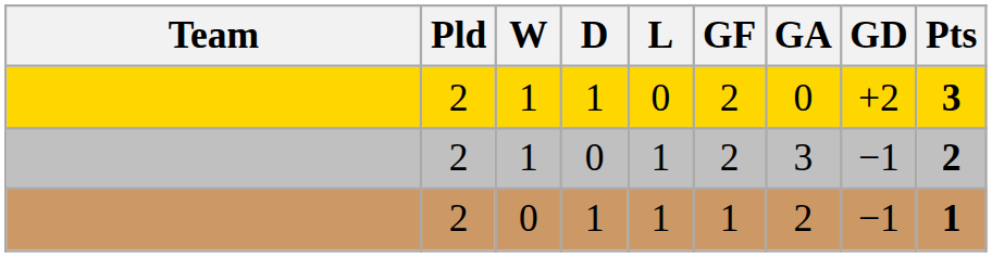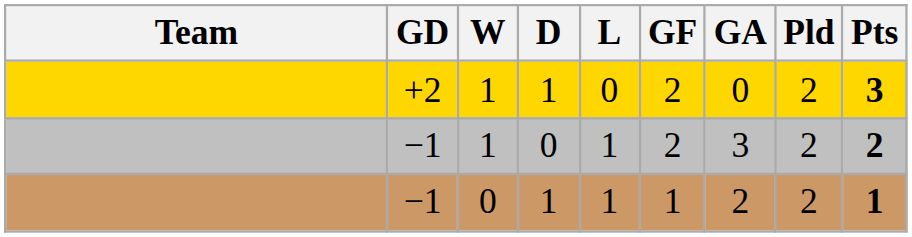 <table class="wikitable" style="text-align:center">
 <tr>
 <th width=165>Team</th>
-<th width=20>Pld</th>
+<th width=20>GD</th>
 <th width=20>W</th>
 <th width=20>D</th>
 <th width=20>L</th>
 <th width=20>GF</th>
 <th width=20>GA</th>
-<th width=20>GD</th>
+<th width=20>Pld</th>
 <th width=20>Pts</th>
 </tr>
 <tr bgcolor=gold>
 <td align="left"></td>
-<td>2</td>
+<td>+2</td>
 <td>1</td>
 <td>1</td>
 <td>0</td>
 <td>2</td>
 <td>0</td>
-<td>+2</td>
+<td>2</td>
 <td><strong>3</strong></td>
 </tr>
 <tr bgcolor=silver>
 <td align="left"></td>
-<td>2</td>
+<td>−1</td>
 <td>1</td>
 <td>0</td>
 <td>1</td>
 <td>2</td>
 <td>3</td>
-<td>−1</td>
+<td>2</td>
 <td><strong>2</strong></td>
 </tr>
 <tr bgcolor=#cc9966>
 <td align="left"></td>
-<td>2</td>
+<td>−1</td>
 <td>0</td>
 <td>1</td>
 <td>1</td>
 <td>1</td>
 <td>2</td>
-<td>−1</td>
+<td>2</td>
 <td><strong>1</strong></td>
 </tr>
 </table>
